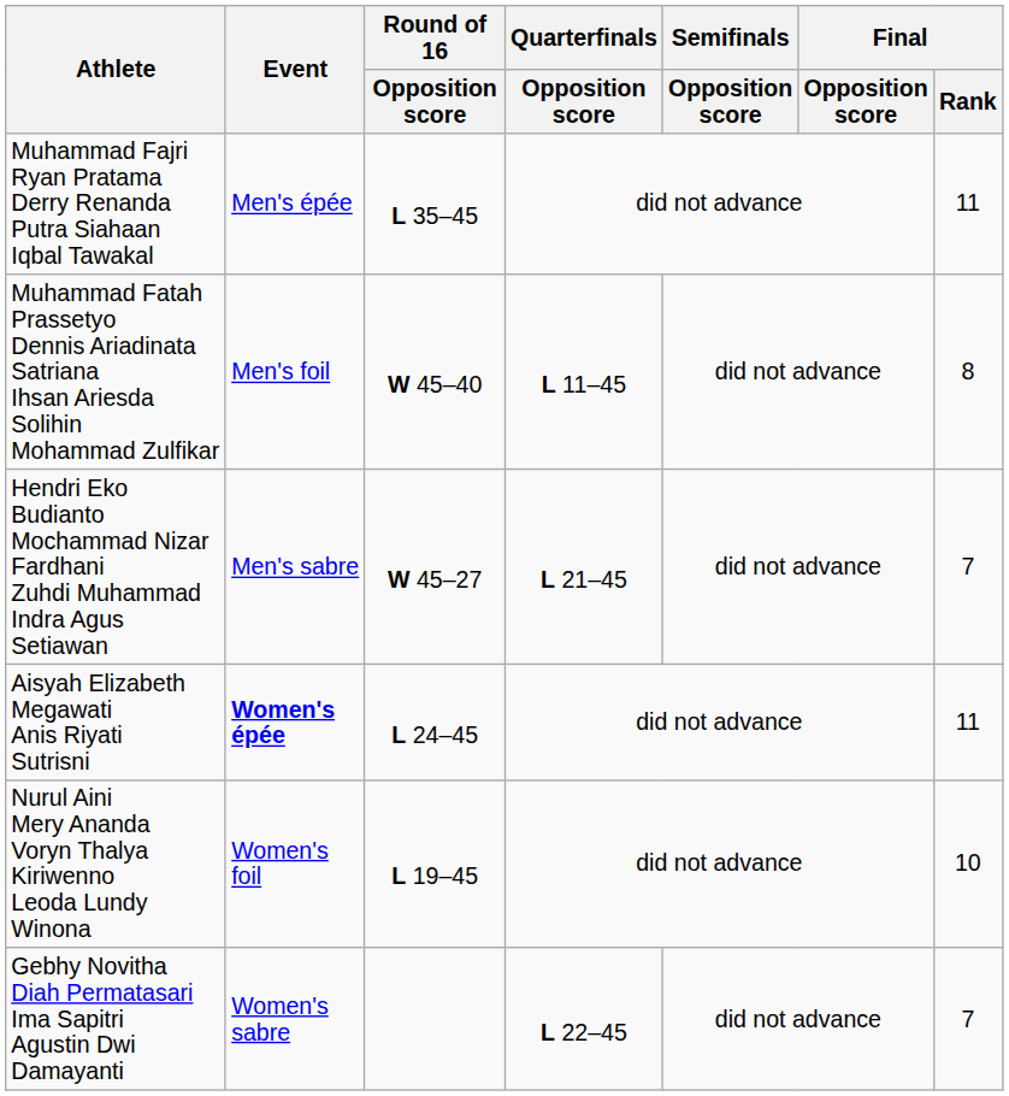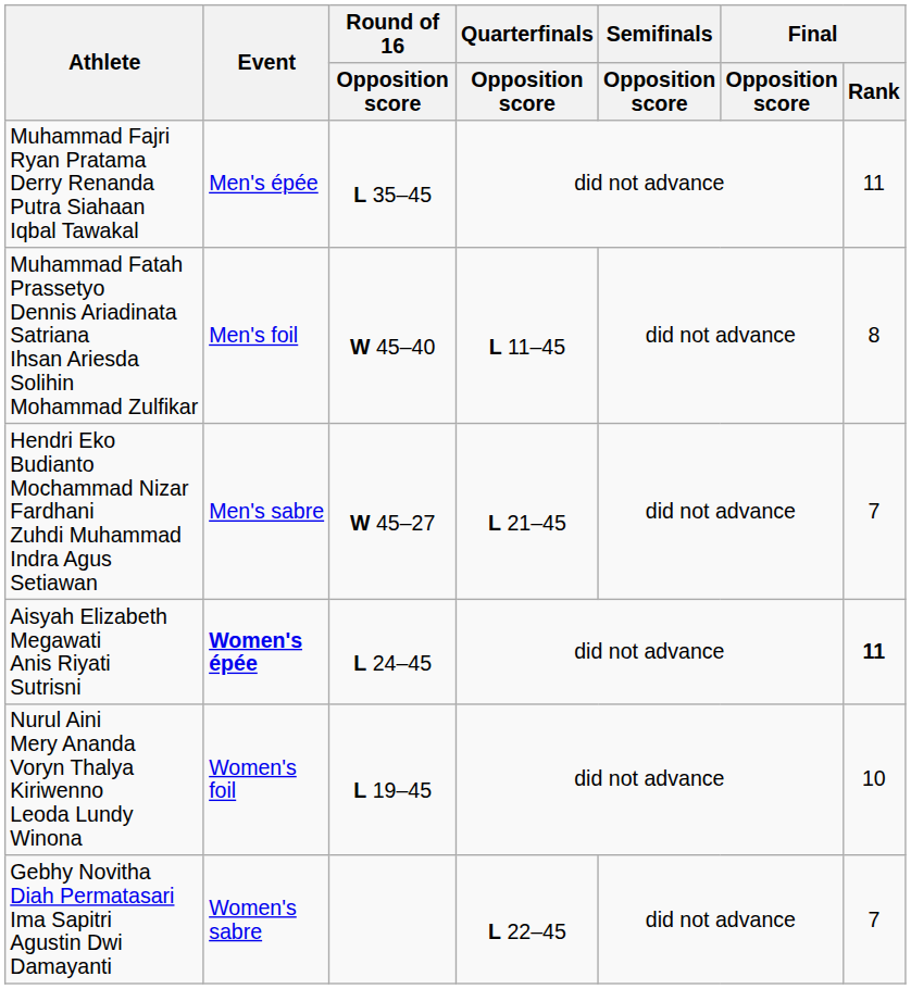 <table class=wikitable style=font-size:90%;text-align:center>
 <tr>
 <th rowspan="2">Athlete</th>
 <th rowspan="2">Event</th>
 <th>Round of 16</th>
 <th>Quarterfinals</th>
 <th>Semifinals</th>
 <th colspan="2">Final</th>
 </tr>
 <tr>
 <th>Opposition<br> score</th>
 <th>Opposition<br> score</th>
 <th>Opposition<br> score</th>
 <th>Opposition<br> score</th>
 <th>Rank</th>
 </tr>
 <tr>
 <td align=left>Muhammad Fajri<br>Ryan Pratama<br>Derry Renanda Putra Siahaan<br>Iqbal Tawakal</td>
 <td align=left><a href='#'>Men's épée</a></td>
 <td><br><strong>L</strong> 35–45</td>
 <td colspan=3>did not advance</td>
 <td>11</td>
 </tr>
 <tr>
 <td align=left>Muhammad Fatah Prassetyo<br>Dennis Ariadinata Satriana<br>Ihsan Ariesda Solihin<br>Mohammad Zulfikar</td>
 <td align=left><a href='#'>Men's foil</a></td>
 <td><br><strong>W</strong> 45–40</td>
 <td><br><strong>L</strong> 11–45</td>
 <td colspan=2>did not advance</td>
 <td>8</td>
 </tr>
 <tr>
 <td align=left>Hendri Eko Budianto<br>Mochammad Nizar Fardhani<br>Zuhdi Muhammad<br>Indra Agus Setiawan</td>
 <td align=left><a href='#'>Men's sabre</a></td>
 <td><br><strong>W</strong> 45–27</td>
 <td><br><strong>L</strong> 21–45</td>
 <td colspan=2>did not advance</td>
 <td>7</td>
 </tr>
 <tr>
 <td align=left>Aisyah Elizabeth<br>Megawati<br>Anis Riyati<br>Sutrisni</td>
 <td align=left><strong><a href='#'>Women's épée</a></strong></td>
 <td><br><strong>L</strong> 24–45</td>
 <td colspan=3>did not advance</td>
-<td>11</td>
+<td><strong>11</strong></td>
 </tr>
 <tr>
 <td align=left>Nurul Aini<br>Mery Ananda<br>Voryn Thalya Kiriwenno<br>Leoda Lundy Winona</td>
 <td align=left><a href='#'>Women's foil</a></td>
 <td><br><strong>L</strong> 19–45</td>
 <td colspan=3>did not advance</td>
 <td>10</td>
 </tr>
 <tr>
 <td align=left>Gebhy Novitha<br><a href='#'>Diah Permatasari</a><br>Ima Sapitri<br>Agustin Dwi Damayanti</td>
 <td align=left><a href='#'>Women's sabre</a></td>
 <td></td>
 <td><br><strong>L</strong> 22–45</td>
 <td colspan=2>did not advance</td>
 <td>7</td>
 </tr>
 </table>
